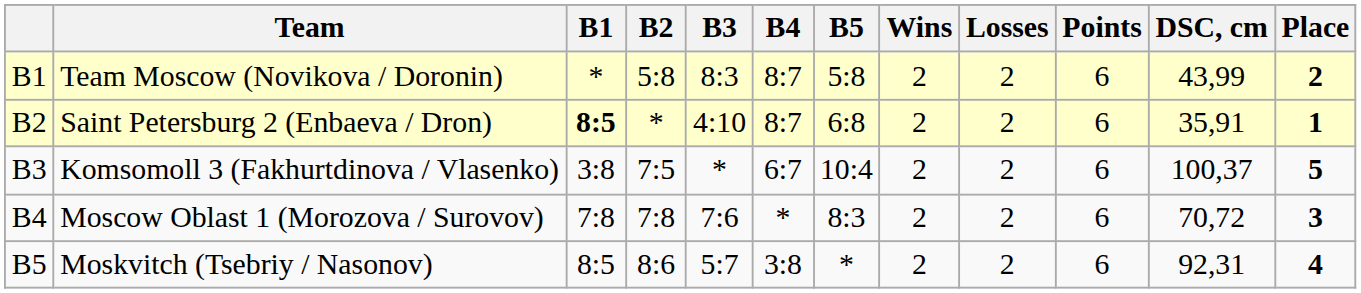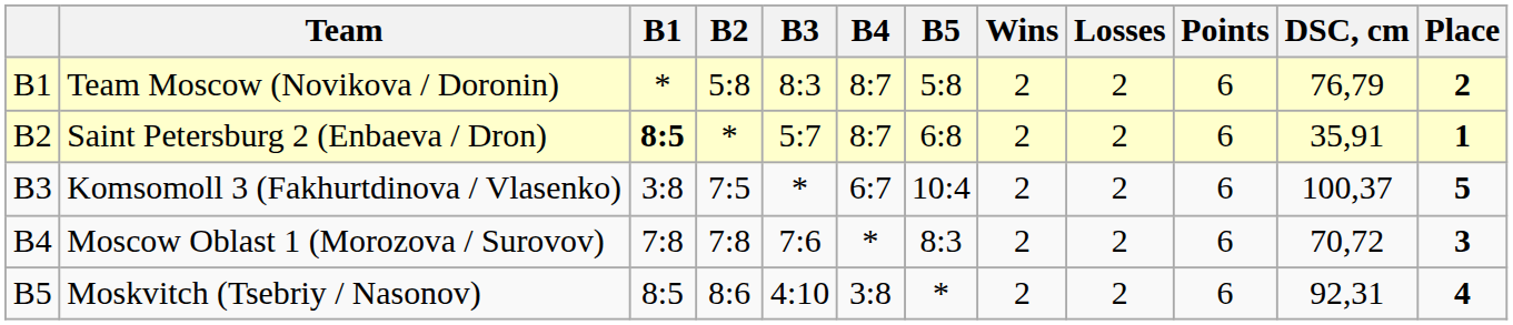 <table class="wikitable" style="text-align:center;">
 <tr>
 <th></th>
 <th>Team</th>
 <th width="25">B1</th>
 <th width="25">B2</th>
 <th width="25">B3</th>
 <th width="25">B4</th>
 <th width="25">B5</th>
 <th>Wins</th>
 <th>Losses</th>
 <th>Points</th>
 <th>DSC, cm</th>
 <th>Place</th>
 </tr>
 <tr bgcolor=#ffc>
 <td>B1</td>
 <td align=left>Team Moscow (Novikova / Doronin)</td>
 <td>*</td>
 <td>5:8</td>
 <td>8:3</td>
 <td>8:7</td>
 <td>5:8</td>
 <td>2</td>
 <td>2</td>
 <td>6</td>
-<td>43,99</td>
+<td>76,79</td>
 <td><strong>2</strong></td>
 </tr>
 <tr bgcolor=#ffc>
 <td>B2</td>
 <td align=left>Saint Petersburg 2 (Enbaeva / Dron)</td>
 <td><strong>8:5</strong></td>
 <td>*</td>
-<td>4:10</td>
+<td>5:7</td>
 <td>8:7</td>
 <td>6:8</td>
 <td>2</td>
 <td>2</td>
 <td>6</td>
 <td>35,91</td>
 <td><strong>1</strong></td>
 </tr>
 <tr>
 <td>B3</td>
 <td align=left>Komsomoll 3 (Fakhurtdinova / Vlasenko)</td>
 <td>3:8</td>
 <td>7:5</td>
 <td>*</td>
 <td>6:7</td>
 <td>10:4</td>
 <td>2</td>
 <td>2</td>
 <td>6</td>
 <td>100,37</td>
 <td><strong>5</strong></td>
 </tr>
 <tr>
 <td>B4</td>
 <td align=left>Moscow Oblast 1 (Morozova / Surovov)</td>
 <td>7:8</td>
 <td>7:8</td>
 <td>7:6</td>
 <td>*</td>
 <td>8:3</td>
 <td>2</td>
 <td>2</td>
 <td>6</td>
 <td>70,72</td>
 <td><strong>3</strong></td>
 </tr>
 <tr>
 <td>B5</td>
 <td align=left>Moskvitch (Tsebriy / Nasonov)</td>
 <td>8:5</td>
 <td>8:6</td>
-<td>5:7</td>
+<td>4:10</td>
 <td>3:8</td>
 <td>*</td>
 <td>2</td>
 <td>2</td>
 <td>6</td>
 <td>92,31</td>
 <td><strong>4</strong></td>
 </tr>
 </table>
